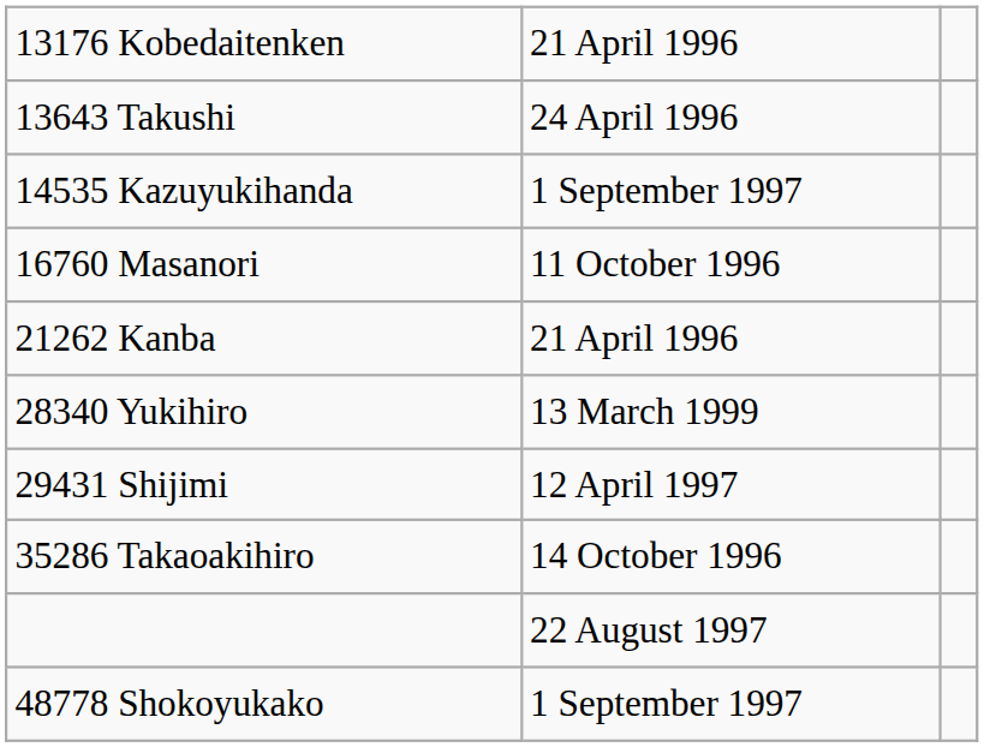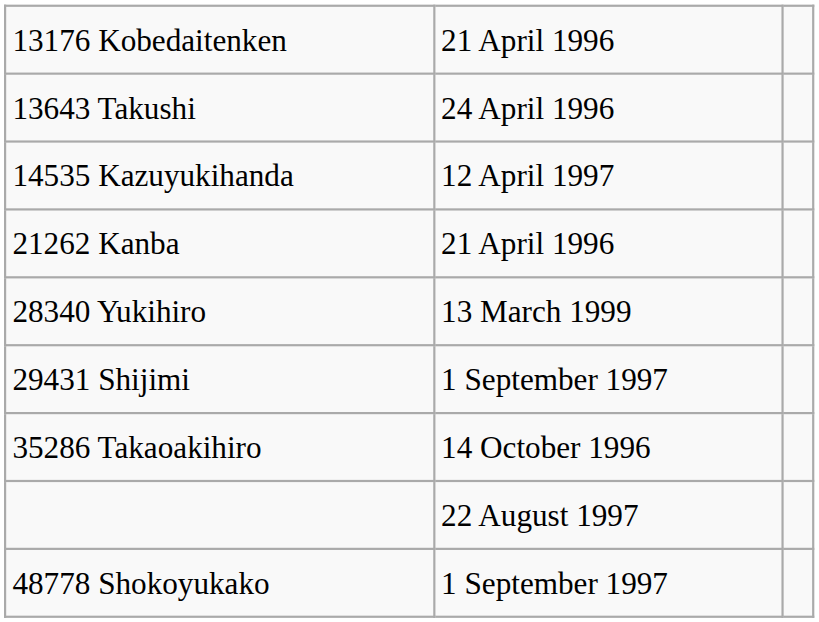 <table class="wikitable" style="font-size: 89%; float: left; width: 26em; margin-right: 1em; height: 280px;">
 <tr>
 <td>13176 Kobedaitenken</td>
 <td>21 April 1996</td>
 <td> </td>
 </tr>
 <tr>
 <td>13643 Takushi</td>
 <td>24 April 1996</td>
 <td></td>
 </tr>
 <tr>
 <td>14535 Kazuyukihanda</td>
-<td>1 September 1997</td>
-<td></td>
-</tr>
-<tr>
-<td>16760 Masanori</td>
-<td>11 October 1996</td>
+<td>12 April 1997</td>
 <td></td>
 </tr>
 <tr>
 <td>21262 Kanba</td>
 <td>21 April 1996</td>
 <td> </td>
 </tr>
 <tr>
 <td>28340 Yukihiro</td>
 <td>13 March 1999</td>
 <td></td>
 </tr>
 <tr>
 <td>29431 Shijimi</td>
-<td>12 April 1997</td>
+<td>1 September 1997</td>
 <td></td>
 </tr>
 <tr>
 <td>35286 Takaoakihiro</td>
 <td>14 October 1996</td>
 <td></td>
 </tr>
 <tr>
 <td></td>
 <td>22 August 1997</td>
 <td></td>
 </tr>
 <tr>
 <td>48778 Shokoyukako</td>
 <td>1 September 1997</td>
 <td></td>
 </tr>
 </table>
